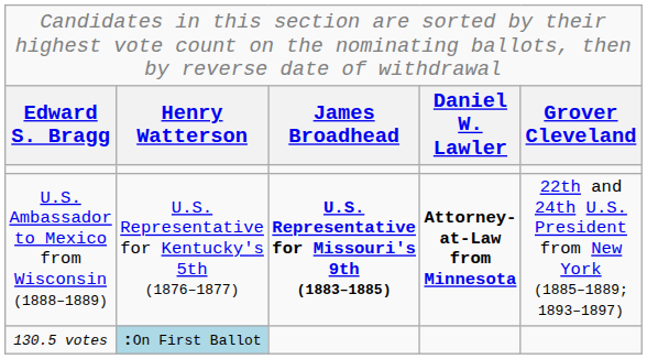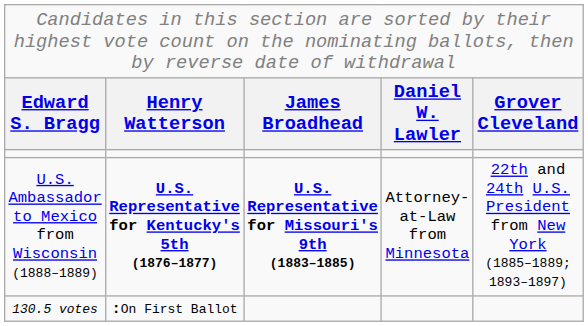 <table class="wikitable" style="font-size:90%">
 <tr>
 <td colspan="6" style="text-align:center; font-size:120%; color:grey; background:"><em>Candidates in this section are sorted by their highest vote count on the nominating ballots, then by reverse date of withdrawal</em></td>
 </tr>
 <tr>
 <th scope="col" style="width:3em; font-size:120%;"><a href='#'>Edward S. Bragg</a></th>
 <th scope="col" style="width:3em; font-size:120%;"><a href='#'>Henry Watterson</a></th>
 <th scope="col" style="width:3em; font-size:120%;"><a href='#'>James Broadhead</a></th>
 <th scope="col" style="width:3em; font-size:120%;"><a href='#'>Daniel W. Lawler</a></th>
 <th scope="col" style="width:3em; font-size:120%;"><a href='#'>Grover Cleveland</a></th>
 </tr>
 <tr>
 <td></td>
 <td></td>
 <td></td>
 <td></td>
 <td></td>
 </tr>
 <tr style="text-align:center">
 <td><a href='#'>U.S. Ambassador to Mexico</a><br>from <a href='#'>Wisconsin</a><br><small>(1888–1889)</small></td>
-<td><a href='#'>U.S. Representative</a><br>for <a href='#'>Kentucky's 5th</a><br><small>(1876–1877)</small></td>
+<td><strong><a href='#'>U.S. Representative</a><br>for <a href='#'>Kentucky's 5th</a><br><small>(1876–1877)</small></strong></td>
 <td><strong><a href='#'>U.S. Representative</a><br>for <a href='#'>Missouri's 9th</a><br><small>(1883–1885)</small></strong></td>
-<td><strong>Attorney-at-Law<br>from <a href='#'>Minnesota</a></strong></td>
+<td>Attorney-at-Law<br>from <a href='#'>Minnesota</a></td>
 <td><a href='#'>22th</a> and <a href='#'>24th</a> <a href='#'>U.S. President</a><br>from <a href='#'>New York</a><br><small>(1885–1889; 1893–1897)</small></td>
 </tr>
 <tr style="text-align:center">
 <td><em><small>130.5 votes</small></em></td>
-<td style="background: lightblue;"><strong>:</strong><small>On First Ballot</small></td>
+<td><strong>:</strong><small>On First Ballot</small></td>
 <td><strong></strong></td>
 <td><strong></strong></td>
 <td><strong></strong></td>
 </tr>
 </table>
